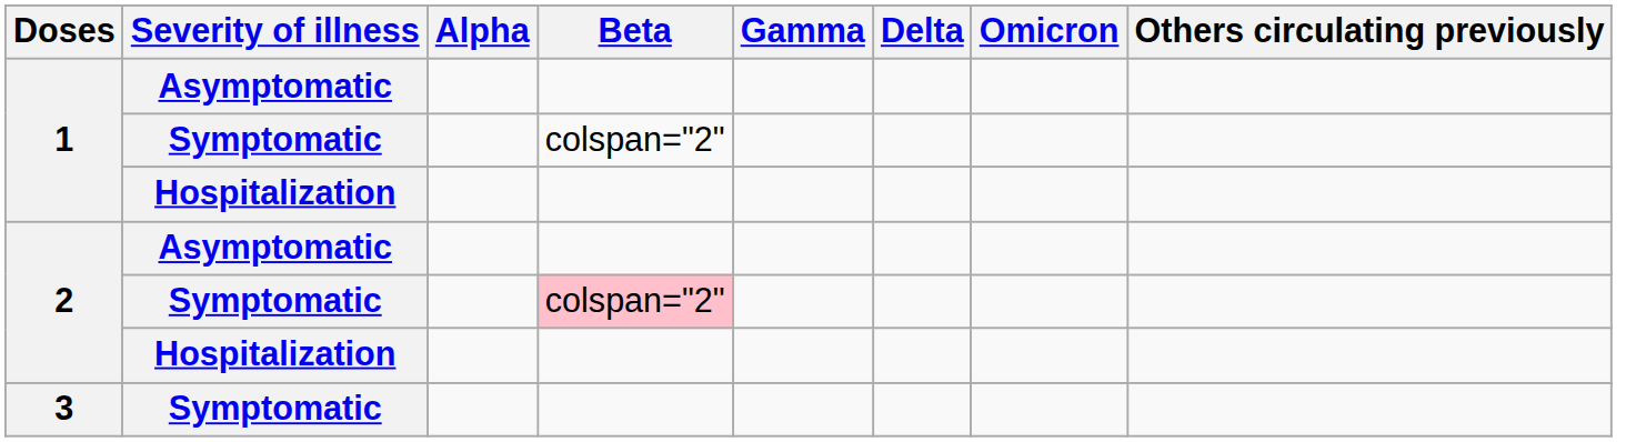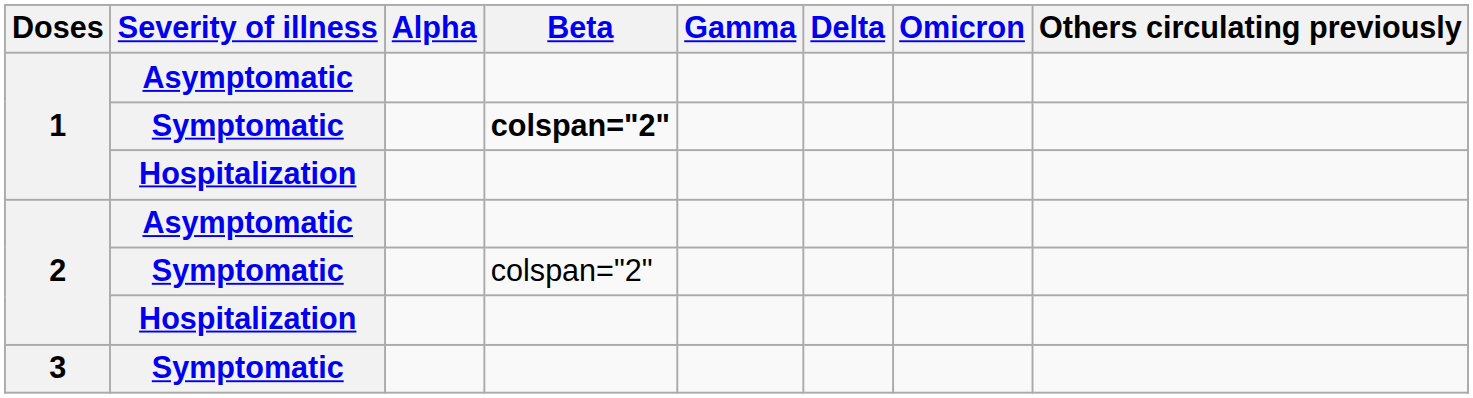 <table class="wikitable">
 <tr>
 <th>Doses</th>
 <th><a href='#'>Severity of illness</a></th>
 <th><a href='#'>Alpha</a></th>
 <th><a href='#'>Beta</a></th>
 <th><a href='#'>Gamma</a></th>
 <th><a href='#'>Delta</a></th>
 <th><a href='#'>Omicron</a></th>
 <th>Others circulating previously</th>
 </tr>
 <tr>
 <th rowspan="3">1</th>
+<th><a href='#'>Asymptomatic</a></th>
+<td></td>
+<td></td>
+<td></td>
+<td></td>
+<td></td>
+<td></td>
+</tr>
+<tr>
+<th><a href='#'>Symptomatic</a></th>
+<td></td>
+<td><strong>colspan="2" </strong></td>
+<td></td>
+<td></td>
+<td></td>
+</tr>
+<tr>
+<th><a href='#'>Hospitalization</a></th>
+<td></td>
+<td></td>
+<td></td>
+<td></td>
+<td></td>
+<td></td>
+</tr>
+<tr>
+<th rowspan="3">2</th>
 <th><a href='#'>Asymptomatic</a></th>
 <td></td>
 <td></td>
 <td></td>
 <td></td>
 <td></td>
 <td></td>
 </tr>
 <tr>
 <th><a href='#'>Symptomatic</a></th>
 <td></td>
 <td>colspan="2" </td>
 <td></td>
 <td></td>
 <td></td>
 </tr>
 <tr>
 <th><a href='#'>Hospitalization</a></th>
 <td></td>
 <td></td>
 <td></td>
 <td></td>
 <td></td>
 <td></td>
 </tr>
 <tr>
-<th rowspan="3">2</th>
-<th><a href='#'>Asymptomatic</a></th>
-<td></td>
-<td></td>
-<td></td>
-<td></td>
-<td></td>
-<td></td>
-</tr>
-<tr>
-<th><a href='#'>Symptomatic</a></th>
-<td></td>
-<td style="background: pink;">colspan="2" </td>
-<td></td>
-<td></td>
-<td></td>
-</tr>
-<tr>
-<th><a href='#'>Hospitalization</a></th>
-<td></td>
-<td></td>
-<td></td>
-<td></td>
-<td></td>
-<td></td>
-</tr>
-<tr>
 <th>3</th>
 <th><a href='#'>Symptomatic</a></th>
 <td></td>
 <td></td>
 <td></td>
 <td></td>
 <td></td>
 <td></td>
 </tr>
 </table>
